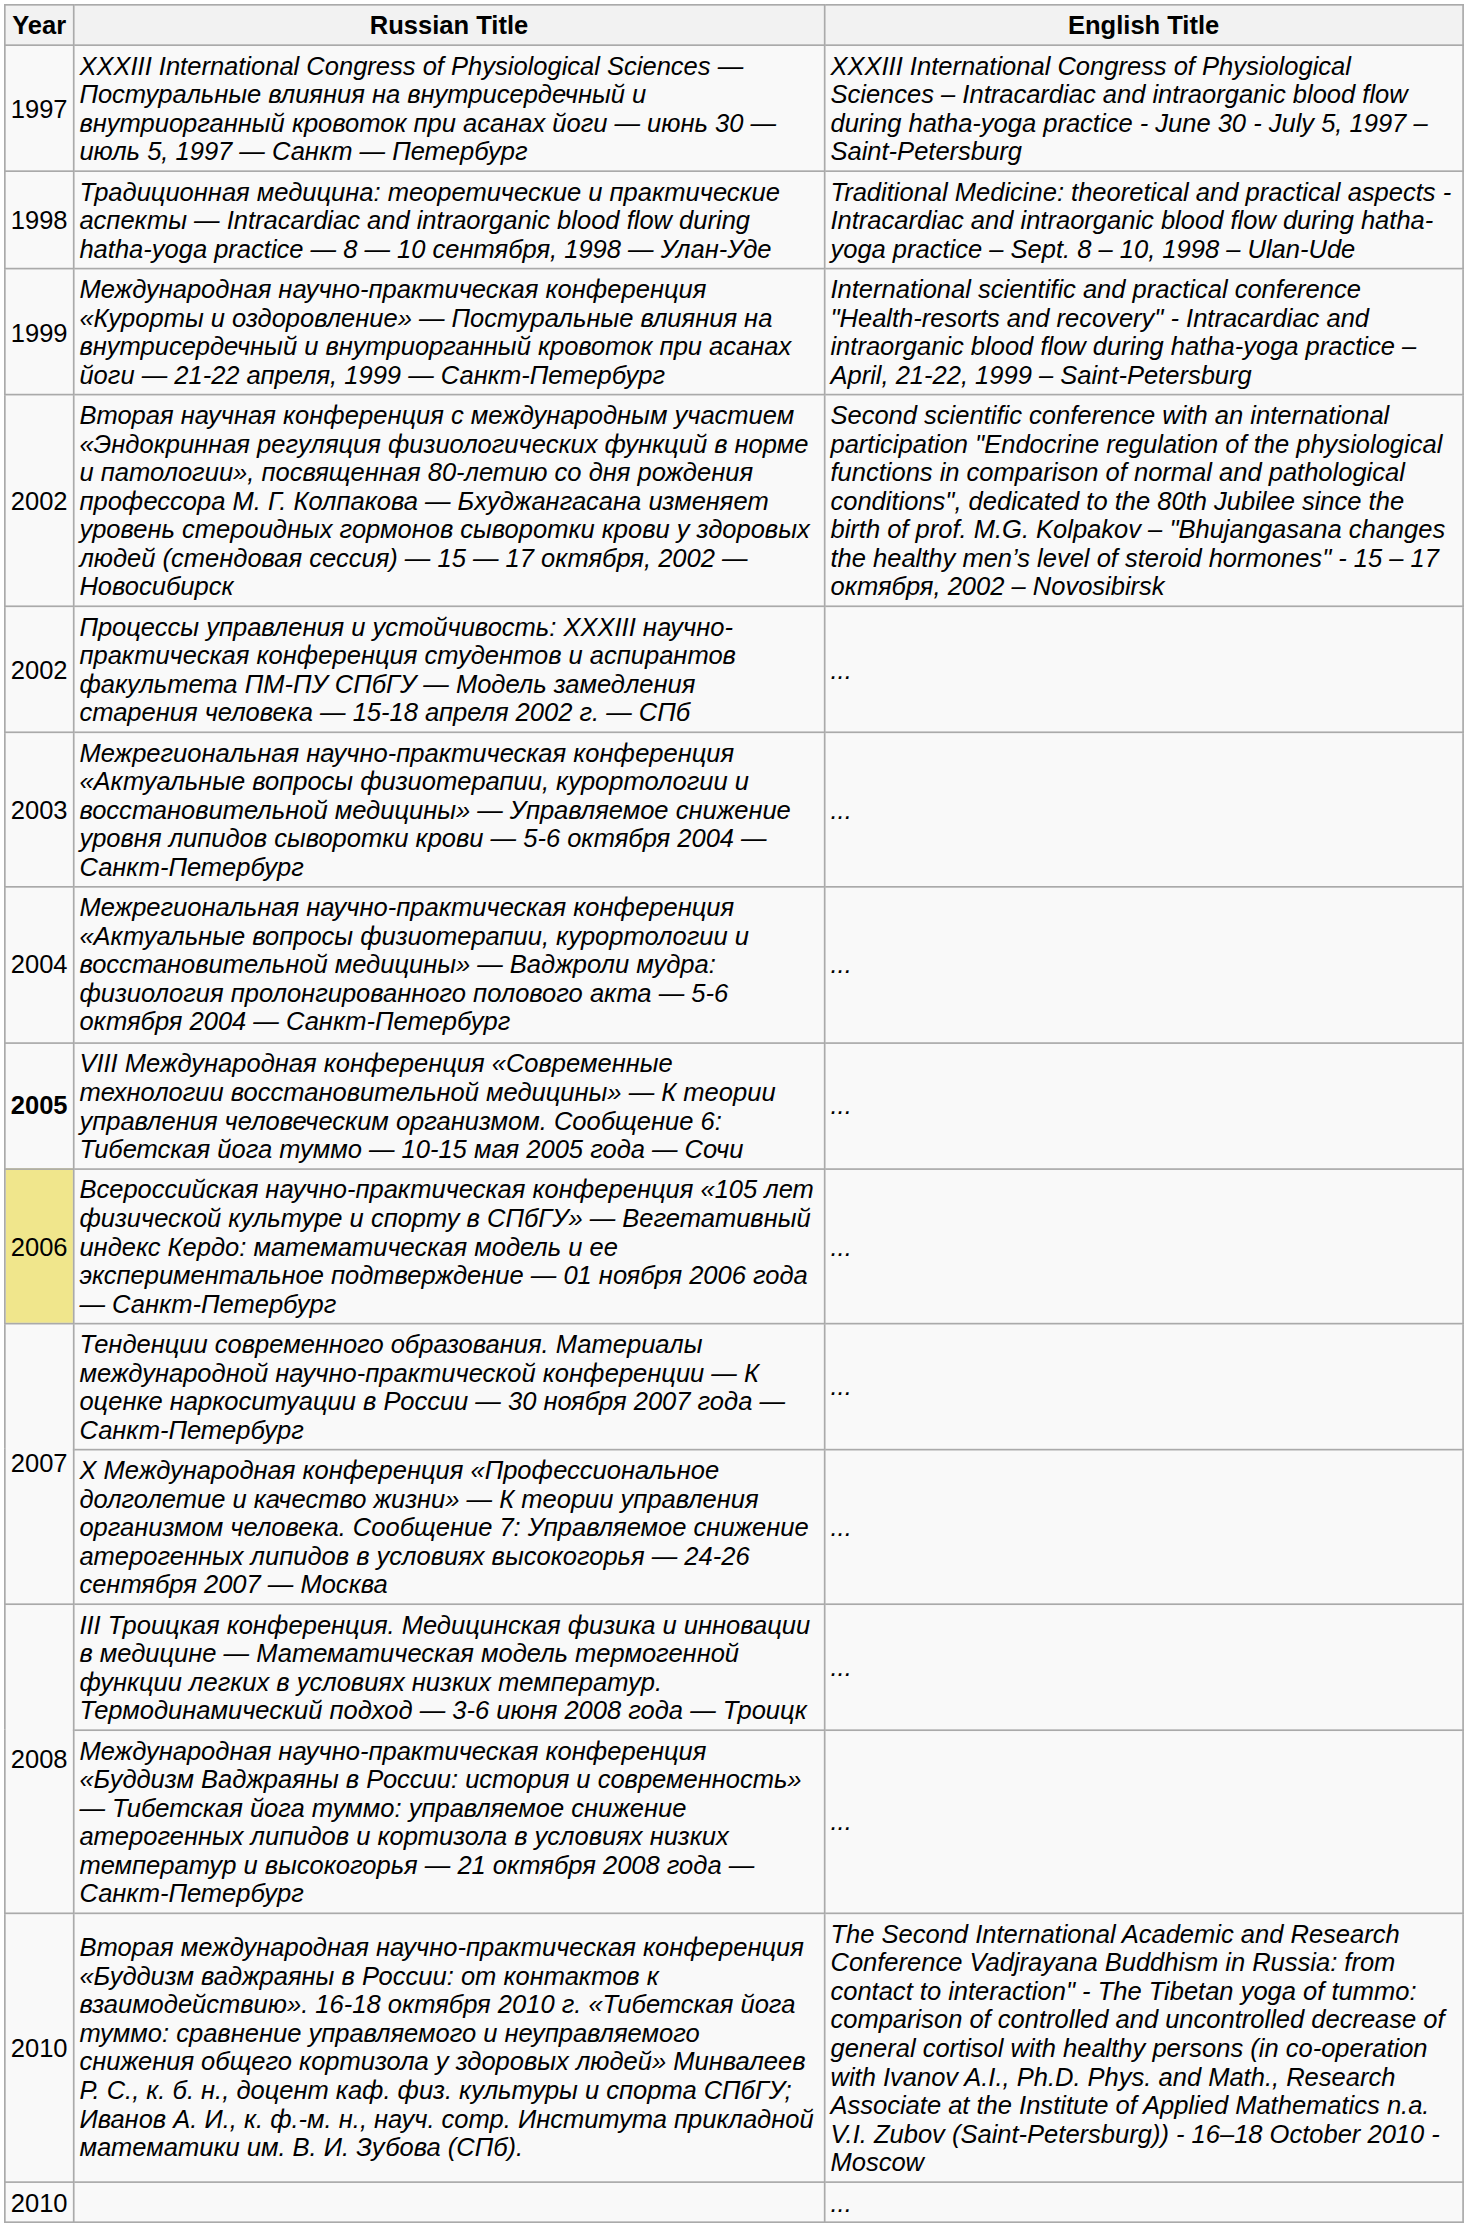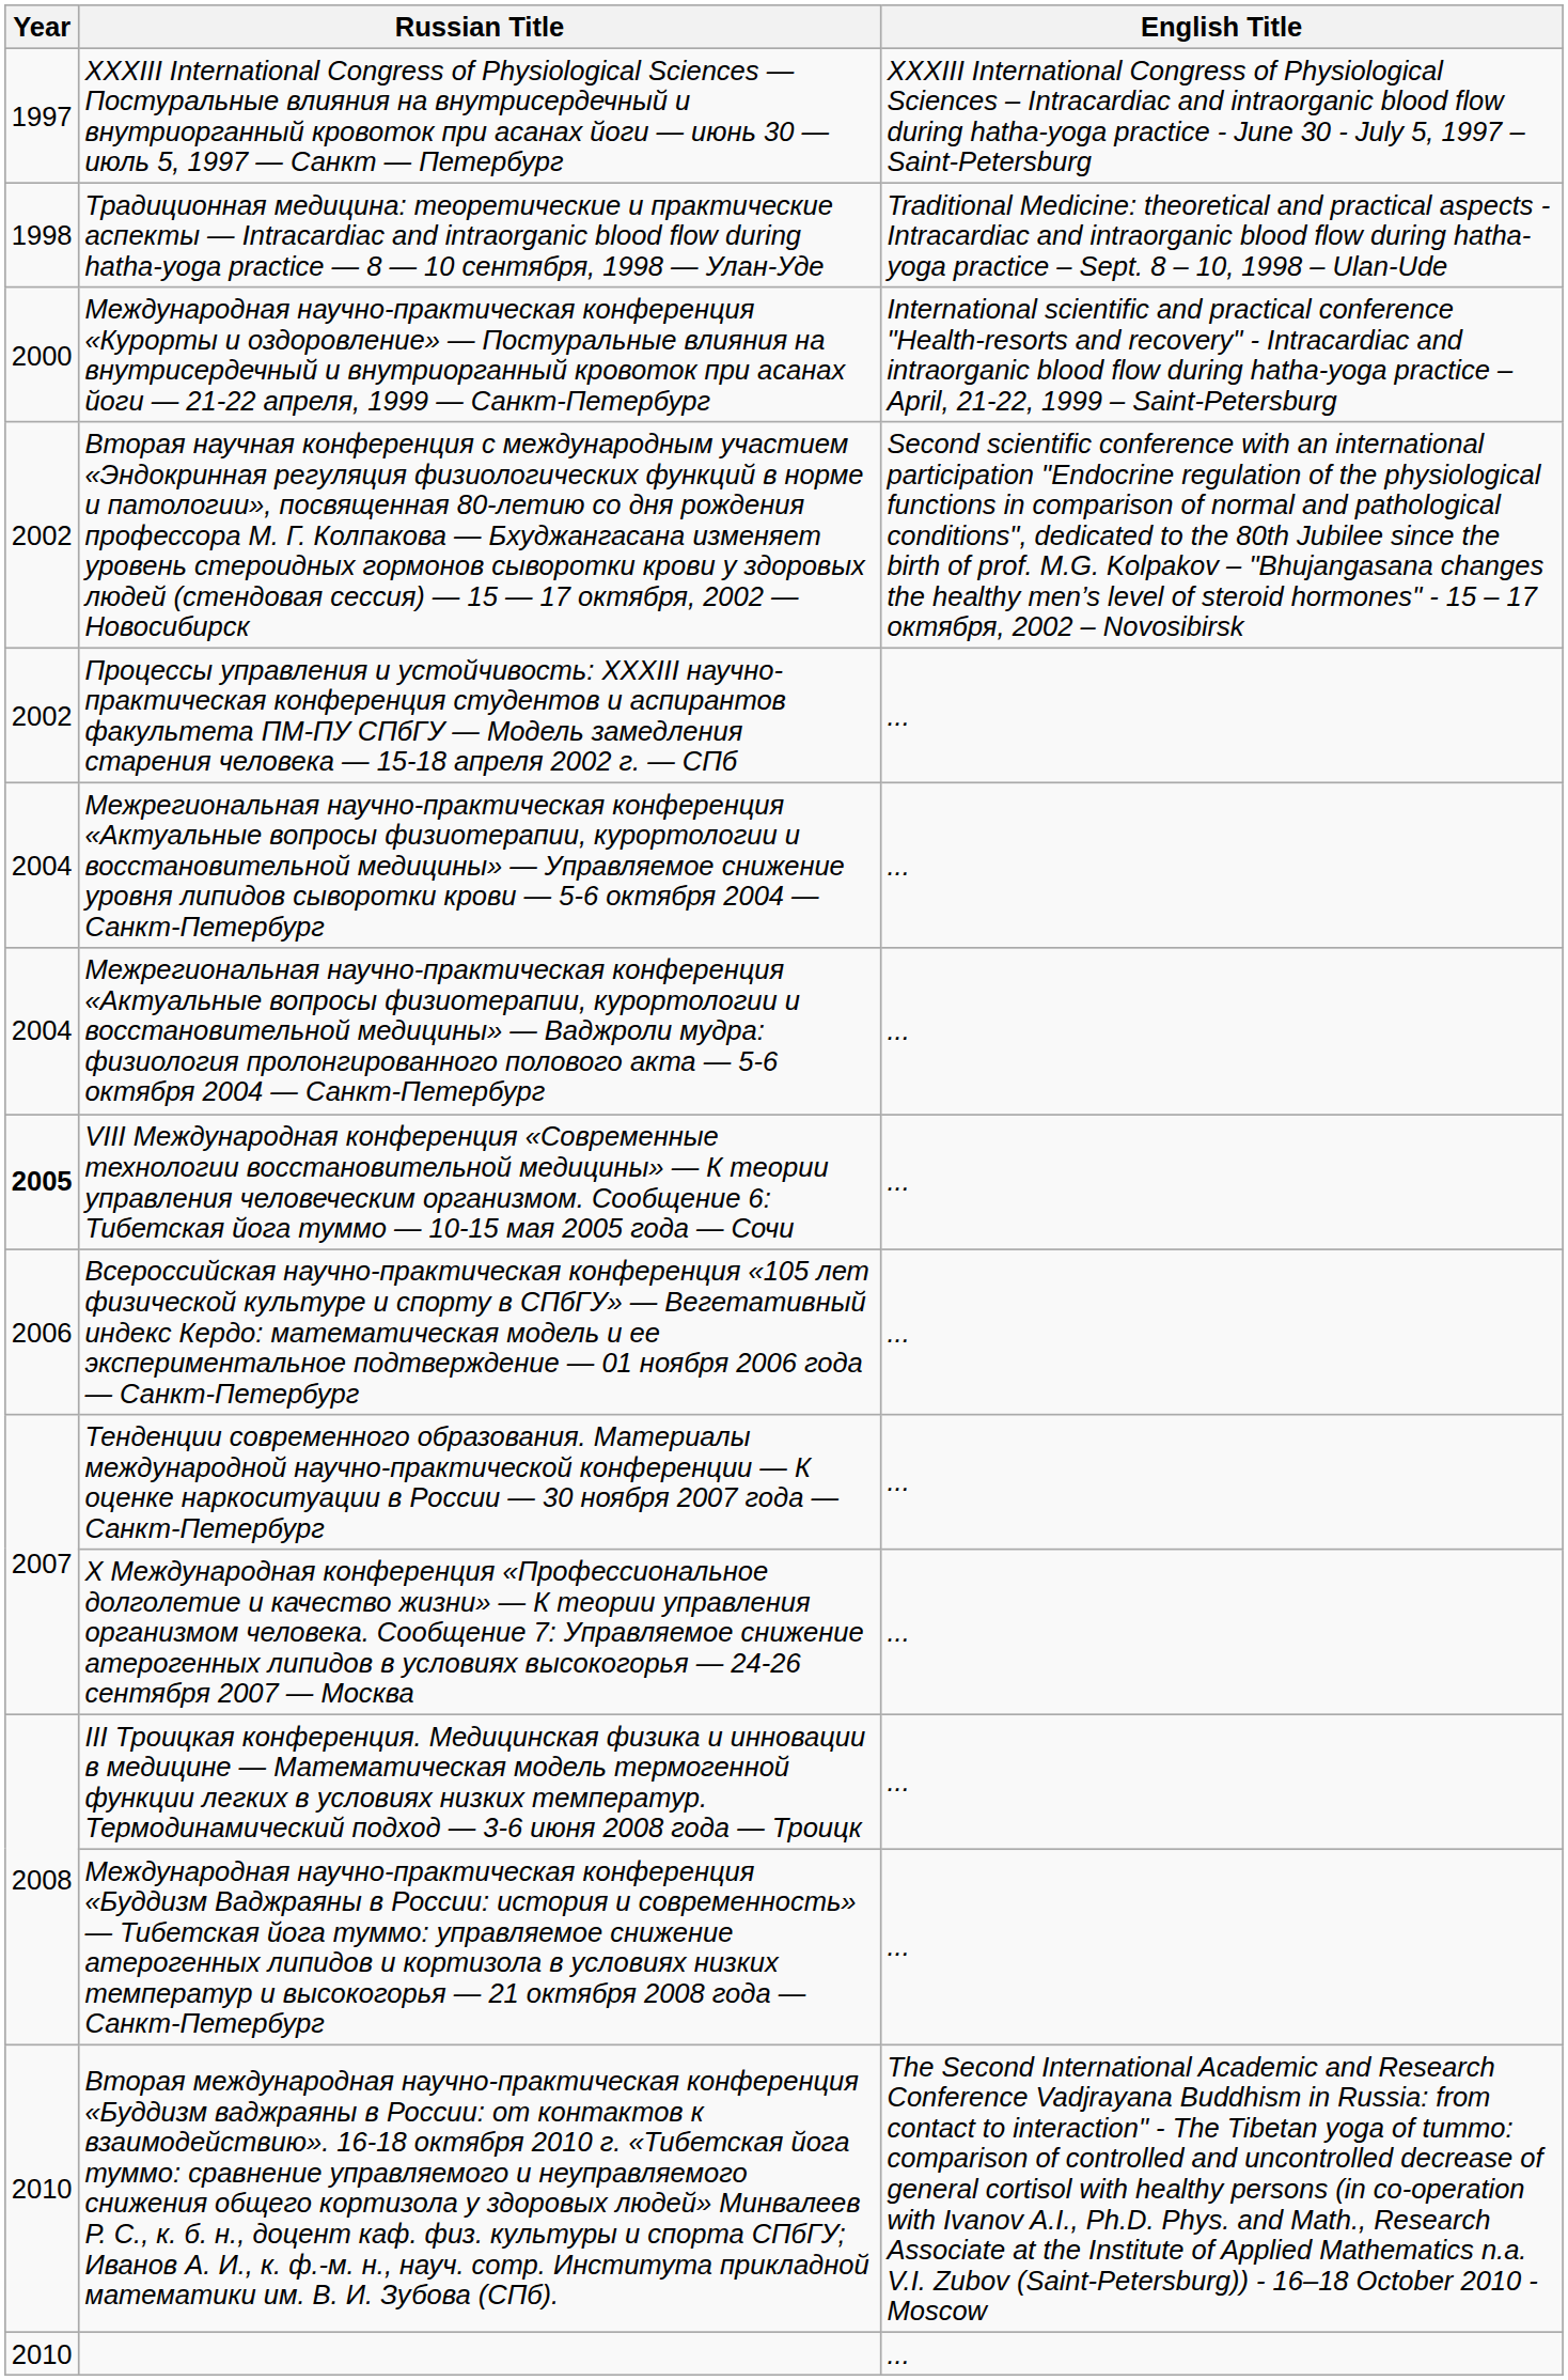 <table class="wikitable" style="font-size: 95%;">
 <tr>
 <th>Year</th>
 <th>Russian Title</th>
 <th>English Title</th>
 </tr>
 <tr>
 <td>1997</td>
 <td><em>XXXIII International Congress of Physiological Sciences — Постуральные влияния на внутрисердечный и внутриорганный кровоток при асанах йоги — июнь 30 — июль 5, 1997 — Санкт — Петербург</em></td>
 <td><em>XXXIII International Congress of Physiological Sciences – Intracardiac and intraorganic blood flow during hatha-yoga practice - June 30 - July 5, 1997 – Saint-Petersburg</em></td>
 </tr>
 <tr>
 <td>1998</td>
 <td><em>Традиционная медицина: теоретические и практические аспекты — Intracardiac and intraorganic blood flow during hatha-yoga practice — 8 — 10 сентября, 1998 — Улан-Уде</em></td>
 <td><em>Traditional Medicine: theoretical and practical aspects - Intracardiac and intraorganic blood flow during hatha-yoga practice – Sept. 8 – 10, 1998 – Ulan-Ude</em></td>
 </tr>
 <tr>
-<td>1999</td>
+<td>2000</td>
 <td><em>Международная научно-практическая конференция «Курорты и оздоровление» — Постуральные влияния на внутрисердечный и внутриорганный кровоток при асанах йоги — 21-22 апреля, 1999 — Санкт-Петербург</em></td>
 <td><em>International scientific and practical conference "Health-resorts and recovery" - Intracardiac and intraorganic blood flow during hatha-yoga practice – April, 21-22, 1999 – Saint-Petersburg</em></td>
 </tr>
 <tr>
 <td>2002</td>
 <td><em>Вторая научная конференция с международным участием «Эндокринная регуляция физиологических функций в норме и патологии», посвященная 80-летию со дня рождения профессора М. Г. Колпакова — Бхуджангасана изменяет уровень стероидных гормонов сыворотки крови у здоровых людей (стендовая сессия) — 15 — 17 октября, 2002 — Новосибирск</em></td>
 <td><em>Second scientific conference with an international participation "Endocrine regulation of the physiological functions in comparison of normal and pathological conditions", dedicated to the 80th Jubilee since the birth of prof. M.G. Kolpakov – "Bhujangasana changes the healthy men’s level of steroid hormones" - 15 – 17 октября, 2002 – Novosibirsk</em></td>
 </tr>
 <tr>
 <td>2002</td>
 <td><em>Процессы управления и устойчивость: XXXIII научно-практическая конференция студентов и аспирантов факультета ПМ-ПУ СПбГУ — Модель замедления старения человека — 15-18 апреля 2002 г. — СПб</em></td>
 <td><em>...</em></td>
 </tr>
 <tr>
-<td>2003</td>
+<td>2004</td>
 <td><em>Межрегиональная научно-практическая конференция «Актуальные вопросы физиотерапии, курортологии и восстановительной медицины» — Управляемое снижение уровня липидов сыворотки крови — 5-6 октября 2004 — Санкт-Петербург</em></td>
 <td><em>...</em></td>
 </tr>
 <tr>
 <td>2004</td>
 <td><em>Межрегиональная научно-практическая конференция «Актуальные вопросы физиотерапии, курортологии и восстановительной медицины» — Ваджроли мудра: физиология пролонгированного полового акта — 5-6 октября 2004 — Санкт-Петербург</em></td>
 <td><em>...</em></td>
 </tr>
 <tr>
 <td><strong>2005</strong></td>
 <td><em>VIII Международная конференция «Современные технологии восстановительной медицины» — К теории управления человеческим организмом. Сообщение 6: Тибетская йога туммо — 10-15 мая 2005 года — Сочи</em></td>
 <td><em>...</em></td>
 </tr>
 <tr>
-<td style="background: khaki;">2006</td>
+<td>2006</td>
 <td><em>Всероссийская научно-практическая конференция «105 лет физической культуре и спорту в СПбГУ» — Вегетативный индекс Кердо: математическая модель и ее экспериментальное подтверждение — 01 ноября 2006 года — Санкт-Петербург</em></td>
 <td><em>...</em></td>
 </tr>
 <tr>
 <td rowspan="2">2007</td>
 <td><em>Тенденции современного образования. Материалы международной научно-практической конференции — К оценке наркоситуации в России — 30 ноября 2007 года — Санкт-Петербург</em></td>
 <td><em>...</em></td>
 </tr>
 <tr>
 <td><em>X Международная конференция «Профессиональное долголетие и качество жизни» — К теории управления организмом человека. Сообщение 7: Управляемое снижение атерогенных липидов в условиях высокогорья — 24-26 сентября 2007 — Москва</em></td>
 <td><em>...</em></td>
 </tr>
 <tr>
 <td rowspan="2">2008</td>
 <td><em>III Троицкая конференция. Медицинская физика и инновации в медицине — Математическая модель термогенной функции легких в условиях низких температур. Термодинамический подход — 3-6 июня 2008 года — Троицк</em></td>
 <td><em>...</em></td>
 </tr>
 <tr>
 <td><em>Международная научно-практическая конференция «Буддизм Ваджраяны в России: история и современность» — Тибетская йога туммо: управляемое снижение атерогенных липидов и кортизола в условиях низких температур и высокогорья — 21 октября 2008 года — Санкт-Петербург</em></td>
 <td><em>...</em></td>
 </tr>
 <tr>
 <td>2010</td>
 <td><em>Вторая международная научно-практическая конференция «Буддизм ваджраяны в России: от контактов к взаимодействию». 16-18 октября 2010 г. «Тибетская йога туммо: сравнение управляемого и неуправляемого снижения общего кортизола у здоровых людей» Минвалеев Р. С., к. б. н., доцент каф. физ. культуры и спорта СПбГУ; Иванов А. И., к. ф.-м. н., науч. сотр. Института прикладной математики им. В. И. Зубова (СПб). </em></td>
 <td><em>The Second International Academic and Research Conference Vadjrayana Buddhism in Russia: from contact to interaction" -  The Tibetan yoga of tummo: comparison of controlled and uncontrolled decrease of general cortisol with healthy persons (in co-operation with Ivanov A.I., Ph.D. Phys. and Math., Research Associate at the Institute of Applied Mathematics n.a. V.I. Zubov (Saint-Petersburg)) - 16–18 October 2010 - Moscow</em></td>
 </tr>
 <tr>
 <td>2010</td>
 <td><em></em></td>
 <td><em>...</em></td>
 </tr>
 <tr>
 </tr>
 </table>
